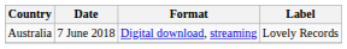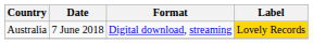 <table class="wikitable">
 <tr>
 <th>Country</th>
 <th>Date</th>
 <th>Format</th>
 <th>Label</th>
 </tr>
 <tr>
 <td>Australia</td>
 <td>7 June 2018</td>
 <td><a href='#'>Digital download</a>, <a href='#'>streaming</a></td>
-<td>Lovely Records</td>
+<td style="background: gold;">Lovely Records</td>
 </tr>
 <tr>
 </tr>
 </table>
